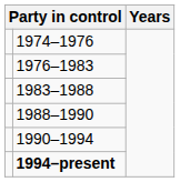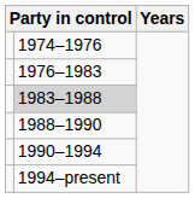 <table class="wikitable">
 <tr>
 <th colspan="2">Party in control</th>
 <th>Years</th>
 </tr>
 <tr>
 <td></td>
 <td>1974–1976</td>
 </tr>
 <tr>
 <td></td>
 <td>1976–1983</td>
 </tr>
 <tr>
 <td></td>
-<td>1983–1988</td>
+<td style="background: lightgrey;">1983–1988</td>
 </tr>
 <tr>
 <td></td>
 <td>1988–1990</td>
 </tr>
 <tr>
 <td></td>
 <td>1990–1994</td>
 </tr>
 <tr>
 <td></td>
-<td><strong>1994–present</strong></td>
+<td>1994–present</td>
 </tr>
 </table>
